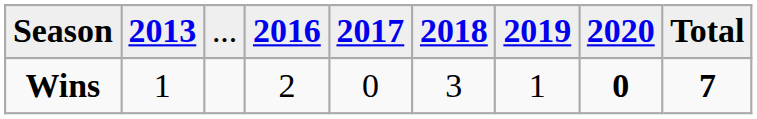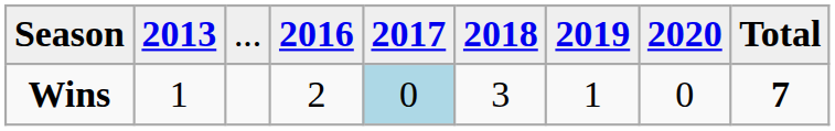 <table class="wikitable">
 <tr bgcolor=efefef align=center>
 <td><strong>Season</strong></td>
 <td><a href='#'><strong>2013</strong></a></td>
 <td>...</td>
 <td><a href='#'><strong>2016</strong></a></td>
 <td><a href='#'><strong>2017</strong></a></td>
 <td><a href='#'><strong>2018</strong></a></td>
 <td><a href='#'><strong>2019</strong></a></td>
 <td><a href='#'><strong>2020</strong></a></td>
 <td><strong>Total</strong></td>
 </tr>
 <tr align=center>
 <td><strong>Wins</strong></td>
 <td>1</td>
 <td></td>
 <td>2</td>
-<td>0</td>
+<td style="background: lightblue;">0</td>
 <td>3</td>
 <td>1</td>
-<td><strong>0</strong></td>
+<td>0</td>
 <td><strong>7</strong></td>
 </tr>
 </table>
